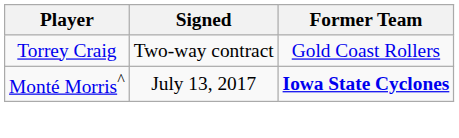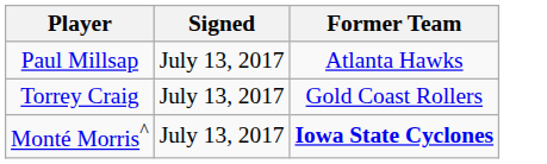 <table class="wikitable sortable sortable">
 <tr>
 <th>Player</th>
 <th>Signed</th>
 <th>Former Team</th>
 </tr>
 <tr style="text-align: center">
+<td><a href='#'>Paul Millsap</a></td>
+<td>July 13, 2017</td>
+<td><a href='#'>Atlanta Hawks</a></td>
+</tr>
+<tr style="text-align: center">
 <td><a href='#'>Torrey Craig</a></td>
-<td>Two-way contract</td>
+<td>July 13, 2017</td>
 <td> <a href='#'>Gold Coast Rollers</a></td>
 </tr>
 <tr style="text-align: center">
 <td><a href='#'>Monté Morris</a><sup>^</sup></td>
 <td>July 13, 2017</td>
 <td><strong><a href='#'>Iowa State Cyclones</a></strong></td>
 </tr>
 </table>
